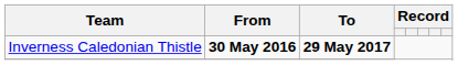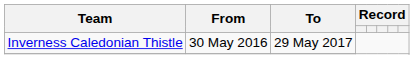 <table class="wikitable" style="text-align: center">
 <tr>
 <th rowspan="2">Team</th>
 <th rowspan="2">From</th>
 <th rowspan="2">To</th>
 <th colspan="8">Record</th>
 </tr>
 <tr>
 <th></th>
 <th></th>
 <th></th>
 <th></th>
 <th></th>
 </tr>
 <tr>
 <td align=left><a href='#'>Inverness Caledonian Thistle</a></td>
-<td align=left><strong>30 May 2016</strong></td>
-<td align=left><strong>29 May 2017<br></strong></td>
+<td align=left>30 May 2016</td>
+<td align=left>29 May 2017<br></td>
 </tr>
 <tr>
 </tr>
 </table>
